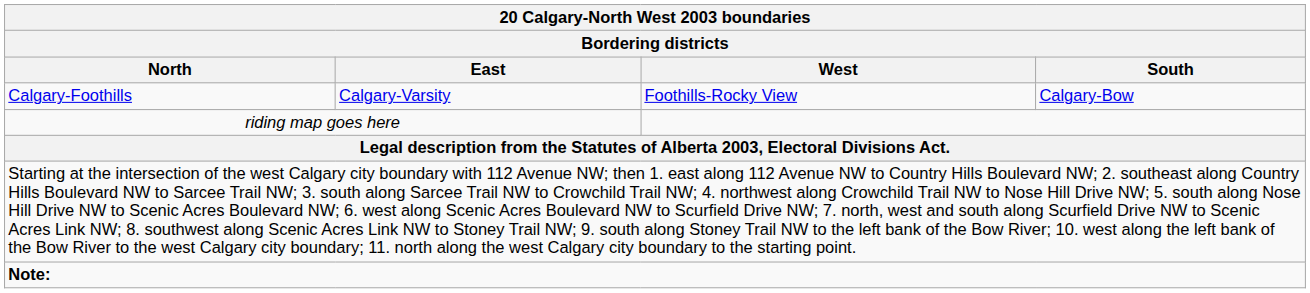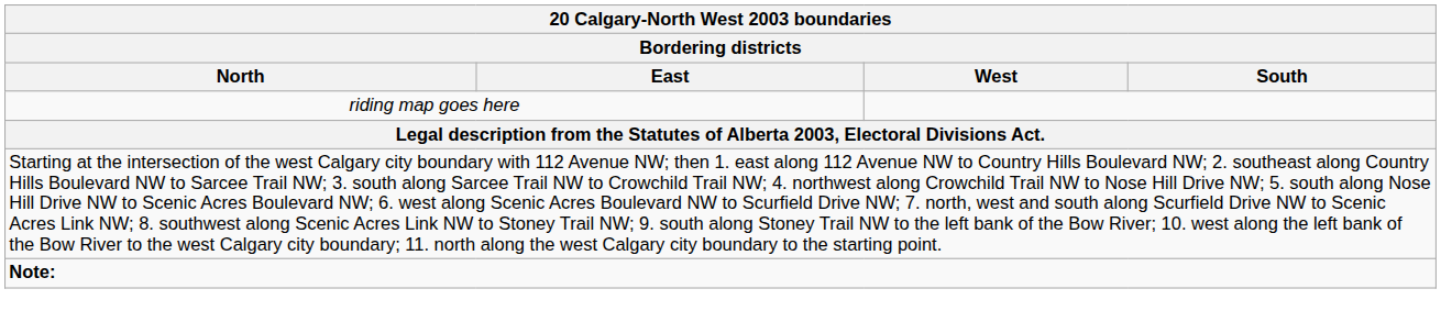 <table class="wikitable collapsible collapsed" style="width:100%;">
 <tr>
 <th colspan=4>20 Calgary-North West 2003 boundaries</th>
 </tr>
 <tr>
 <th colspan=4>Bordering districts</th>
 </tr>
 <tr>
 <th>North</th>
 <th>East</th>
 <th>West</th>
 <th>South</th>
-</tr>
-<tr>
-<td><a href='#'>Calgary-Foothills</a></td>
-<td><a href='#'>Calgary-Varsity</a></td>
-<td><a href='#'>Foothills-Rocky View</a></td>
-<td><a href='#'>Calgary-Bow</a></td>
 </tr>
 <tr>
 <td colspan=2 align=center><em>riding map goes here</em></td>
 <td colspan=2 align=center></td>
 </tr>
 <tr>
 <th colspan=4>Legal description from the Statutes of Alberta 2003, Electoral Divisions Act.</th>
 </tr>
 <tr>
 <td colspan=4>Starting at the intersection of the west Calgary city boundary with 112 Avenue NW; then 1. east along 112 Avenue NW to Country Hills Boulevard NW; 2. southeast along Country Hills Boulevard NW to Sarcee Trail NW; 3. south along Sarcee Trail NW to Crowchild Trail NW; 4. northwest along Crowchild Trail NW to Nose Hill Drive NW; 5. south along Nose Hill Drive NW to Scenic Acres Boulevard NW; 6. west along Scenic Acres Boulevard NW to Scurfield Drive NW; 7. north, west and south along Scurfield Drive NW to Scenic Acres Link NW; 8. southwest along Scenic Acres Link NW to Stoney Trail NW; 9. south along Stoney Trail NW to the left bank of the Bow River; 10. west along the left bank of the Bow River to the west Calgary city boundary; 11. north along the west Calgary city boundary to the starting point.</td>
 </tr>
 <tr>
 <td colspan=4><strong>Note:</strong></td>
 </tr>
 </table>
